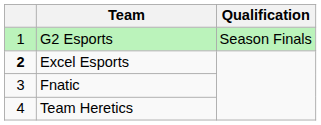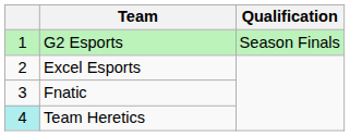 <table class="wikitable" style="text-align:center">
 <tr>
 <th width=28></th>
 <th width=190>Team</th>
 <th>Qualification</th>
 </tr>
 <tr style="background-color:#BBF3BB;">
 <td>1</td>
 <td style="text-align:left">G2 Esports</td>
 <td>Season Finals</td>
 </tr>
 <tr>
-<td><strong>2</strong></td>
+<td>2</td>
 <td style="text-align:left">Excel Esports</td>
 </tr>
 <tr>
 <td>3</td>
 <td style="text-align:left">Fnatic</td>
 </tr>
 <tr>
-<td>4</td>
+<td style="background: paleturquoise;">4</td>
 <td style="text-align:left">Team Heretics</td>
 </tr>
 </table>
